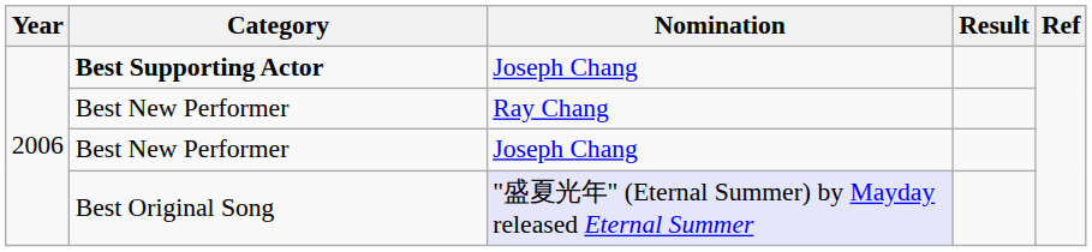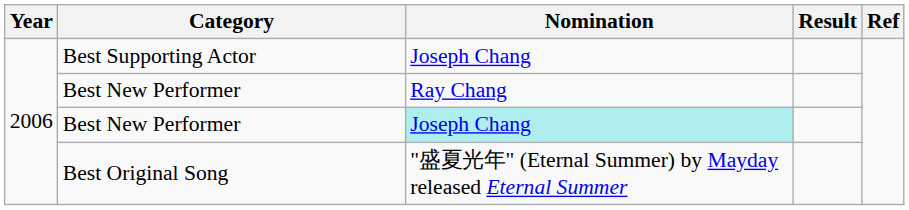 <table class="wikitable">
 <tr>
 <th>Year</th>
 <th width="250">Category</th>
 <th width="280">Nomination</th>
 <th>Result</th>
 <th>Ref</th>
 </tr>
 <tr>
 <td rowspan=4>2006</td>
-<td><strong>Best Supporting Actor</strong></td>
+<td>Best Supporting Actor</td>
 <td><a href='#'>Joseph Chang</a></td>
 <td></td>
 <td rowspan=4 align=center></td>
 </tr>
 <tr>
 <td>Best New Performer</td>
 <td><a href='#'>Ray Chang</a></td>
 <td></td>
 </tr>
 <tr>
 <td>Best New Performer</td>
-<td><a href='#'>Joseph Chang</a></td>
+<td style="background: paleturquoise;"><a href='#'>Joseph Chang</a></td>
 <td></td>
 </tr>
 <tr>
 <td>Best Original Song</td>
-<td style="background: lavender;">"盛夏光年" (Eternal Summer) by <a href='#'>Mayday</a> <br>released <em><a href='#'>Eternal Summer</a></em></td>
+<td>"盛夏光年" (Eternal Summer) by <a href='#'>Mayday</a> <br>released <em><a href='#'>Eternal Summer</a></em></td>
 <td></td>
 </tr>
 </table>
